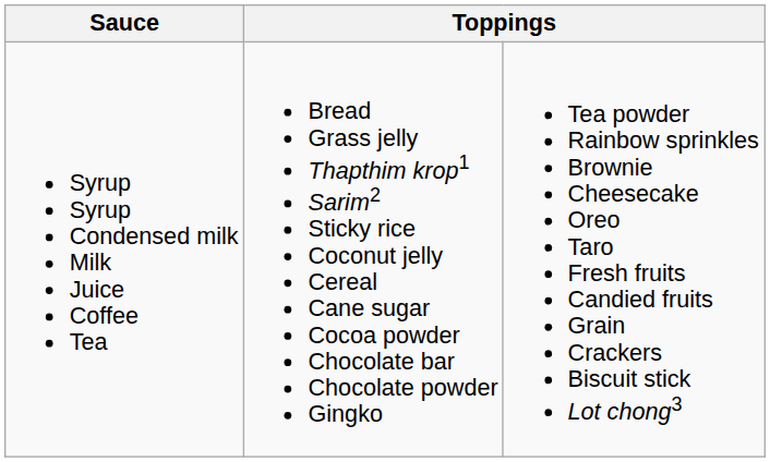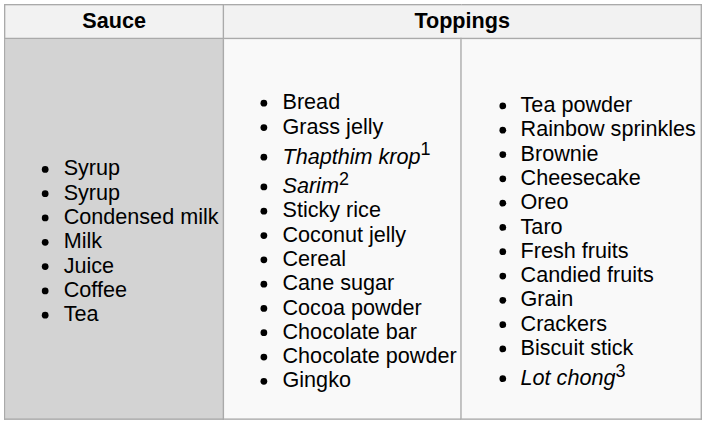 <table class="wikitable">
 <tr>
 <th><strong>Sauce</strong></th>
 <th colspan="2"><strong>Toppings</strong></th>
 </tr>
 <tr>
-<td><br><ul><li>Syrup</li><li>Syrup</li><li>Condensed milk</li><li>Milk</li><li>Juice</li><li>Coffee</li><li>Tea</li></ul></td>
+<td style="background: lightgrey;"><br><ul><li>Syrup</li><li>Syrup</li><li>Condensed milk</li><li>Milk</li><li>Juice</li><li>Coffee</li><li>Tea</li></ul></td>
 <td><br><ul><li>Bread</li><li>Grass jelly</li><li><em>Thapthim krop</em><sup>1</sup></li><li><em>Sarim</em><sup>2</sup></li><li>Sticky rice</li><li>Coconut jelly</li><li>Cereal</li><li>Cane sugar</li><li>Cocoa powder</li><li>Chocolate bar</li><li>Chocolate powder</li><li>Gingko</li></ul></td>
 <td><br><ul><li>Tea powder</li><li>Rainbow sprinkles</li><li>Brownie</li><li>Cheesecake</li><li>Oreo</li><li>Taro</li><li>Fresh fruits</li><li>Candied fruits</li><li>Grain</li><li>Crackers</li><li>Biscuit stick</li><li><em>Lot chong</em><sup>3</sup></li></ul></td>
 </tr>
 </table>
